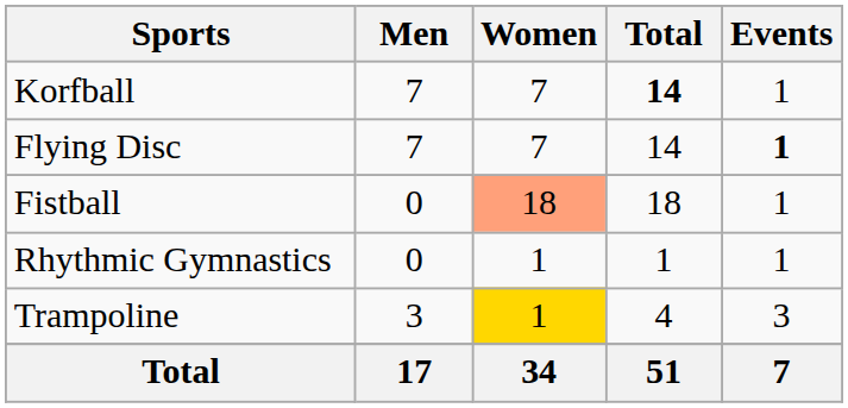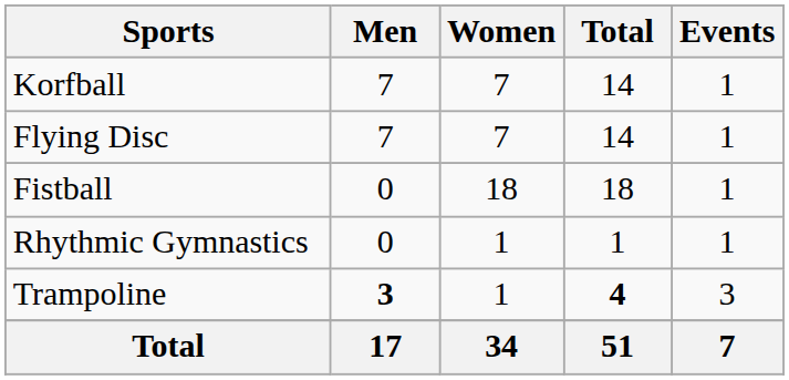 <table class="wikitable sortable" style="text-align:center;">
 <tr>
 <th width=150>Sports</th>
 <th width=45>Men</th>
 <th width=45>Women</th>
 <th width=45>Total</th>
 <th width=45>Events</th>
 </tr>
 <tr>
 <td align=left>Korfball</td>
 <td>7</td>
 <td>7</td>
-<td><strong>14</strong></td>
+<td>14</td>
 <td>1</td>
 </tr>
 <tr>
 <td align=left>Flying Disc</td>
 <td>7</td>
 <td>7</td>
 <td>14</td>
-<td><strong>1</strong></td>
+<td>1</td>
 </tr>
 <tr>
 <td align=left>Fistball</td>
 <td>0</td>
-<td style="background: lightsalmon;">18</td>
+<td>18</td>
 <td>18</td>
 <td>1</td>
 </tr>
 <tr>
 <td align=left>Rhythmic Gymnastics</td>
 <td>0</td>
 <td>1</td>
 <td>1</td>
 <td>1</td>
 </tr>
 <tr>
 <td align=left>Trampoline</td>
-<td>3</td>
-<td style="background: gold;">1</td>
-<td>4</td>
+<td><strong>3</strong></td>
+<td>1</td>
+<td><strong>4</strong></td>
 <td>3</td>
 </tr>
 <tr>
 </tr>
 <tr class="sortbottom">
 <th>Total</th>
 <th>17</th>
 <th>34</th>
 <th>51</th>
 <th>7</th>
 </tr>
 </table>
